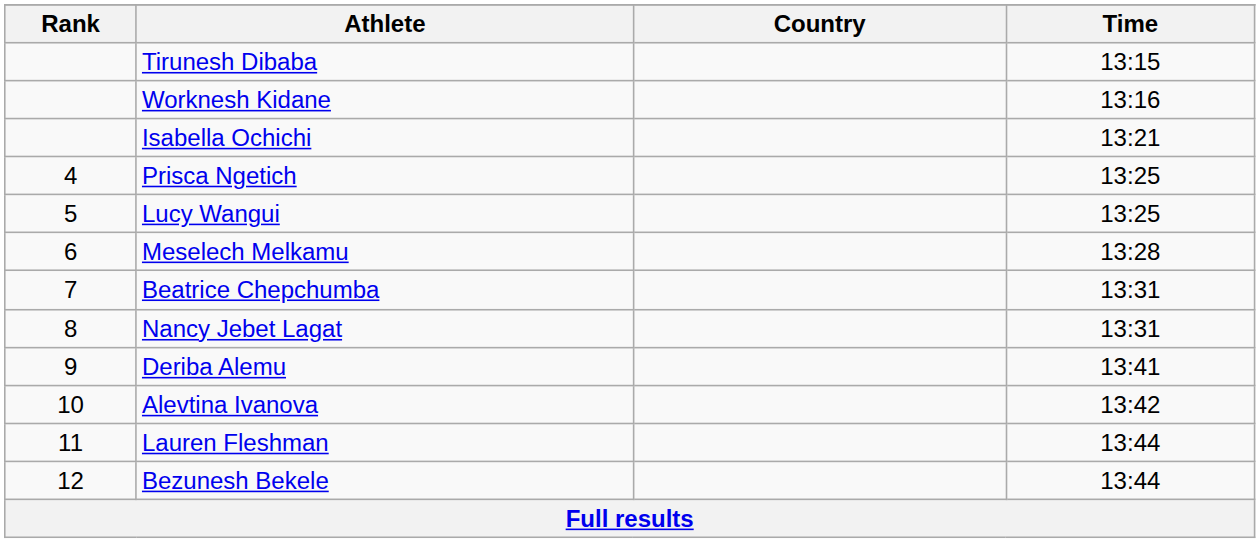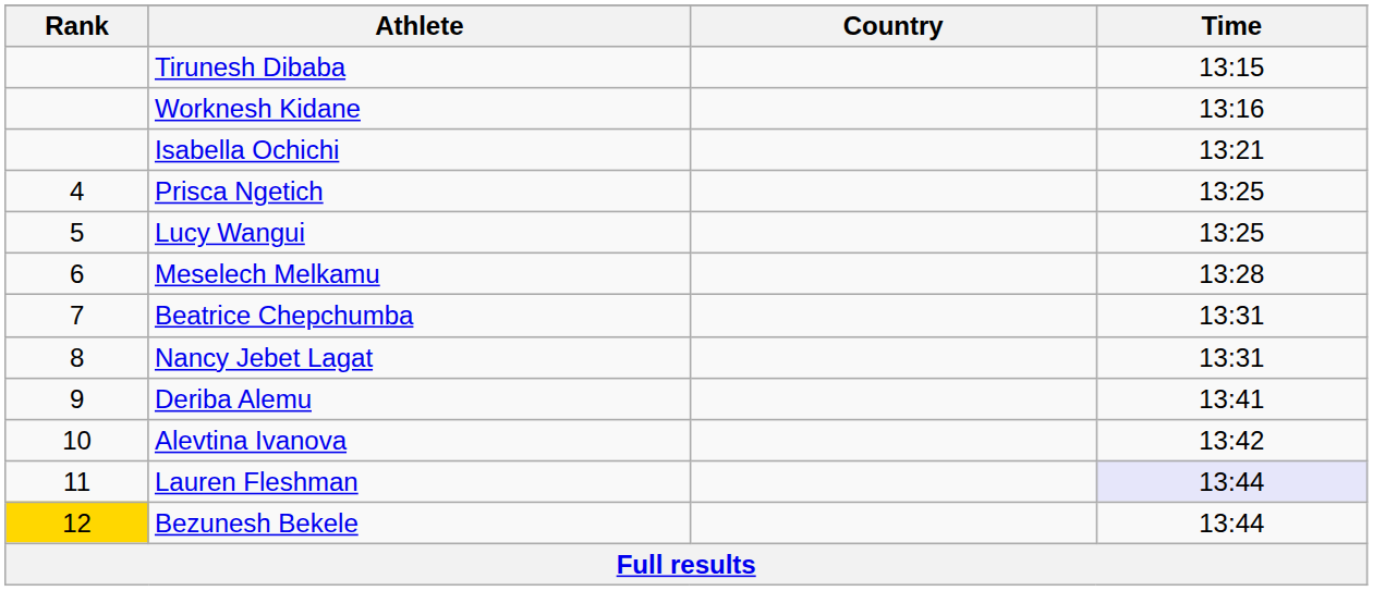 <table class="wikitable sortable" style=" text-align:center; font-size:95%;" width="50%">
 <tr>
 </tr>
 <tr>
 <th width=5%>Rank</th>
 <th width=20%>Athlete</th>
 <th width=15%>Country</th>
 <th width=10%>Time</th>
 </tr>
 <tr>
 <td align=center></td>
 <td align=left><a href='#'>Tirunesh Dibaba</a></td>
 <td align=left></td>
 <td>13:15</td>
 </tr>
 <tr>
 <td align=center></td>
 <td align=left><a href='#'>Worknesh Kidane</a></td>
 <td align=left></td>
 <td>13:16</td>
 </tr>
 <tr>
 <td align=center></td>
 <td align=left><a href='#'>Isabella Ochichi</a></td>
 <td align=left></td>
 <td>13:21</td>
 </tr>
 <tr>
 <td align=center>4</td>
 <td align=left><a href='#'>Prisca Ngetich</a></td>
 <td align=left></td>
 <td>13:25</td>
 </tr>
 <tr>
 <td align=center>5</td>
 <td align=left><a href='#'>Lucy Wangui</a></td>
 <td align=left></td>
 <td>13:25</td>
 </tr>
 <tr>
 <td align=center>6</td>
 <td align=left><a href='#'>Meselech Melkamu</a></td>
 <td align=left></td>
 <td>13:28</td>
 </tr>
 <tr>
 <td align=center>7</td>
 <td align=left><a href='#'>Beatrice Chepchumba</a></td>
 <td align=left></td>
 <td>13:31</td>
 </tr>
 <tr>
 <td align=center>8</td>
 <td align=left><a href='#'>Nancy Jebet Lagat</a></td>
 <td align=left></td>
 <td>13:31</td>
 </tr>
 <tr>
 <td align=center>9</td>
 <td align=left><a href='#'>Deriba Alemu</a></td>
 <td align=left></td>
 <td>13:41</td>
 </tr>
 <tr>
 <td align=center>10</td>
 <td align=left><a href='#'>Alevtina Ivanova</a></td>
 <td align=left></td>
 <td>13:42</td>
 </tr>
 <tr>
 <td align=center>11</td>
 <td align=left><a href='#'>Lauren Fleshman</a></td>
 <td align=left></td>
-<td>13:44</td>
+<td style="background: lavender;">13:44</td>
 </tr>
 <tr>
-<td align=center>12</td>
+<td align=center style="background: gold;">12</td>
 <td align=left><a href='#'>Bezunesh Bekele</a></td>
 <td align=left></td>
 <td>13:44</td>
 </tr>
 <tr class="sortbottom">
 <th colspan=4 align=center><a href='#'>Full results</a></th>
 </tr>
 </table>
